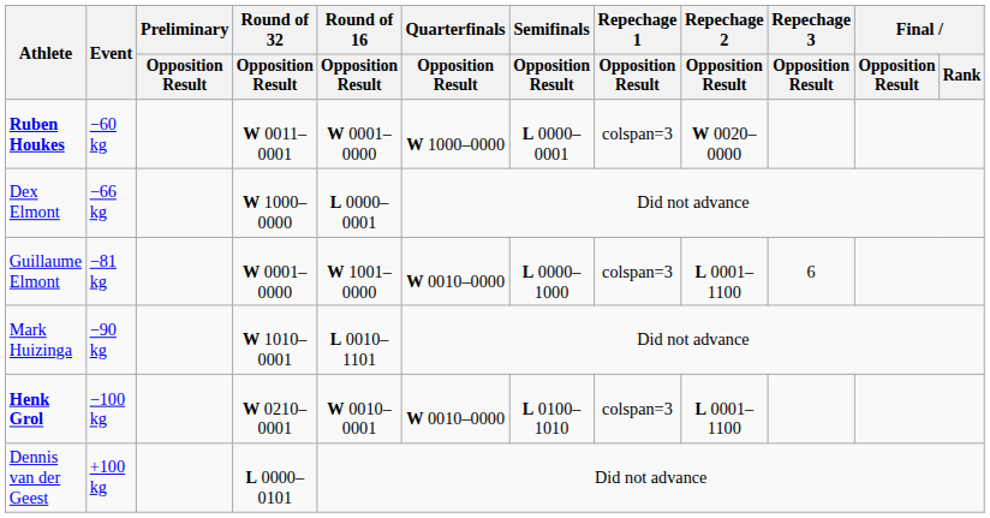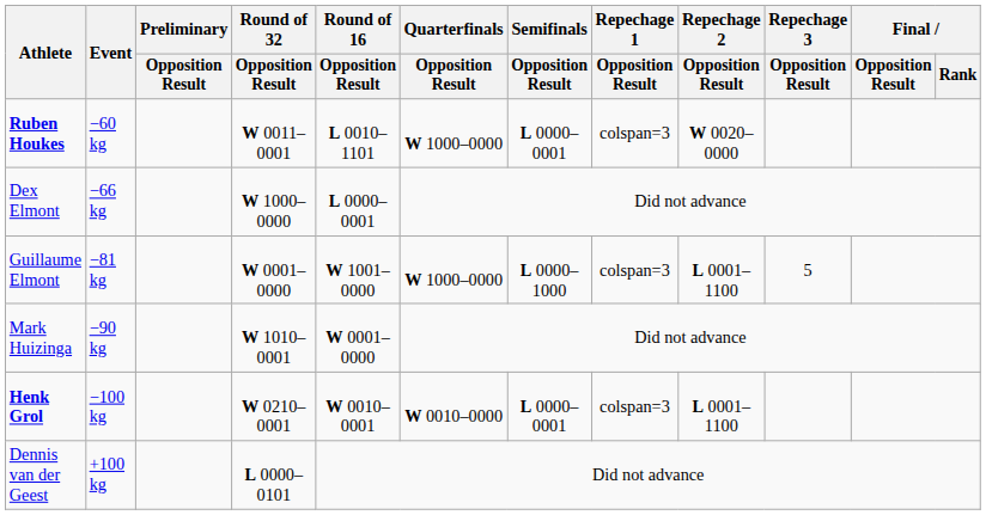 <table class="wikitable" style="font-size:90%">
 <tr>
 <th rowspan="2">Athlete</th>
 <th rowspan="2">Event</th>
 <th>Preliminary</th>
 <th>Round of 32</th>
 <th>Round of 16</th>
 <th>Quarterfinals</th>
 <th>Semifinals</th>
 <th>Repechage 1</th>
 <th>Repechage 2</th>
 <th>Repechage 3</th>
 <th colspan=2>Final / </th>
 </tr>
 <tr style="font-size:95%">
 <th>Opposition<br>Result</th>
 <th>Opposition<br>Result</th>
 <th>Opposition<br>Result</th>
 <th>Opposition<br>Result</th>
 <th>Opposition<br>Result</th>
 <th>Opposition<br>Result</th>
 <th>Opposition<br>Result</th>
 <th>Opposition<br>Result</th>
 <th>Opposition<br>Result</th>
 <th>Rank</th>
 </tr>
 <tr align=center>
 <td align=left><strong><a href='#'>Ruben Houkes</a></strong></td>
 <td align=left><a href='#'>−60 kg</a></td>
 <td></td>
 <td><br><strong>W</strong> 0011–0001</td>
-<td><br><strong>W</strong> 0001–0000</td>
+<td><br><strong>L</strong> 0010–1101</td>
 <td><br><strong>W</strong> 1000–0000</td>
 <td><br><strong>L</strong> 0000–0001</td>
 <td>colspan=3 </td>
 <td><br><strong>W</strong> 0020–0000</td>
 <td></td>
 </tr>
 <tr align=center>
 <td align=left><a href='#'>Dex Elmont</a></td>
 <td align=left><a href='#'>−66 kg</a></td>
 <td></td>
 <td><br><strong>W</strong> 1000–0000</td>
 <td><br><strong>L</strong> 0000–0001</td>
 <td colspan=7>Did not advance</td>
 </tr>
 <tr align=center>
 <td align=left><a href='#'>Guillaume Elmont</a></td>
 <td align=left><a href='#'>−81 kg</a></td>
 <td></td>
 <td><br><strong>W</strong> 0001–0000</td>
 <td><br><strong>W</strong> 1001–0000</td>
-<td><br><strong>W</strong> 0010–0000</td>
+<td><br><strong>W</strong> 1000–0000</td>
 <td><br><strong>L</strong> 0000–1000</td>
 <td>colspan=3 </td>
 <td><br><strong>L</strong> 0001–1100</td>
-<td>6</td>
+<td>5</td>
 </tr>
 <tr align=center>
 <td align=left><a href='#'>Mark Huizinga</a></td>
 <td align=left><a href='#'>−90 kg</a></td>
 <td></td>
 <td><br><strong>W</strong> 1010–0001</td>
-<td><br><strong>L</strong> 0010–1101</td>
+<td><br><strong>W</strong> 0001–0000</td>
 <td colspan=7>Did not advance</td>
 </tr>
 <tr align=center>
 <td align=left><strong><a href='#'>Henk Grol</a></strong></td>
 <td align=left><a href='#'>−100 kg</a></td>
 <td></td>
 <td><br><strong>W</strong> 0210–0001</td>
 <td><br><strong>W</strong> 0010–0001</td>
 <td><br><strong>W</strong> 0010–0000</td>
-<td><br><strong>L</strong> 0100–1010</td>
+<td><br><strong>L</strong> 0000–0001</td>
 <td>colspan=3 </td>
 <td><br><strong>L</strong> 0001–1100</td>
 <td></td>
 </tr>
 <tr align=center>
 <td align=left><a href='#'>Dennis van der Geest</a></td>
 <td align=left><a href='#'>+100 kg</a></td>
 <td></td>
 <td><br><strong>L</strong> 0000–0101</td>
 <td colspan=8>Did not advance</td>
 </tr>
 </table>
